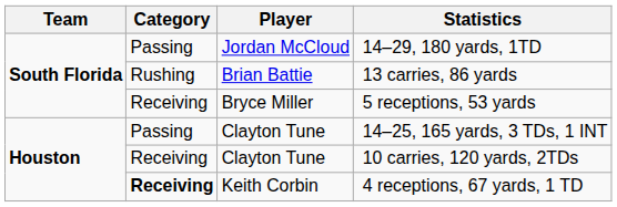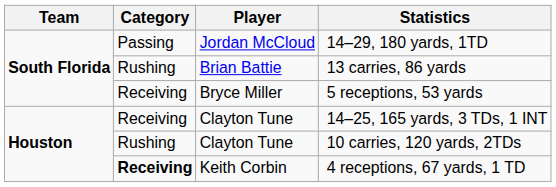 <table class="wikitable" style="float: left;">
 <tr>
 <th>Team</th>
 <th>Category</th>
 <th>Player</th>
 <th>Statistics</th>
 </tr>
 <tr>
 <td rowspan=3><strong>South Florida</strong></td>
 <td>Passing</td>
 <td><a href='#'>Jordan McCloud</a></td>
 <td> 14–29, 180 yards, 1TD</td>
 </tr>
 <tr>
 <td>Rushing</td>
 <td><a href='#'>Brian Battie</a></td>
 <td> 13 carries, 86 yards</td>
 </tr>
 <tr>
 <td>Receiving</td>
 <td>Bryce Miller</td>
 <td> 5 receptions, 53 yards</td>
 </tr>
 <tr>
 <td rowspan=3><strong>Houston</strong></td>
-<td>Passing</td>
+<td>Receiving</td>
 <td>Clayton Tune</td>
 <td> 14–25, 165 yards, 3 TDs, 1 INT</td>
 </tr>
 <tr>
-<td>Receiving</td>
+<td>Rushing</td>
 <td>Clayton Tune</td>
 <td> 10 carries, 120 yards, 2TDs</td>
 </tr>
 <tr>
 <td><strong>Receiving</strong></td>
 <td>Keith Corbin</td>
 <td> 4 receptions, 67 yards, 1 TD</td>
 </tr>
 </table>
